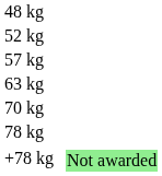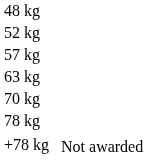 <table>
 <tr>
 <td rowspan=2>48 kg</td>
 <td rowspan=2></td>
 <td rowspan=2></td>
 <td></td>
 </tr>
 <tr>
 <td></td>
 </tr>
 <tr>
 <td rowspan=2>52 kg</td>
 <td rowspan=2></td>
 <td rowspan=2></td>
 <td></td>
 </tr>
 <tr>
 <td></td>
 </tr>
 <tr>
 <td rowspan=2>57 kg</td>
 <td rowspan=2></td>
 <td rowspan=2></td>
 <td></td>
 </tr>
 <tr>
 <td></td>
 </tr>
 <tr>
 <td rowspan=2>63 kg</td>
 <td rowspan=2></td>
 <td rowspan=2></td>
 <td></td>
 </tr>
 <tr>
 <td></td>
 </tr>
 <tr>
 <td rowspan=2>70 kg</td>
 <td rowspan=2></td>
 <td rowspan=2></td>
 <td></td>
 </tr>
 <tr>
 <td></td>
 </tr>
 <tr>
 <td rowspan=2>78 kg</td>
 <td rowspan=2></td>
 <td rowspan=2></td>
 <td></td>
 </tr>
 <tr>
 <td></td>
 </tr>
 <tr>
 <td rowspan=2>+78 kg</td>
 <td rowspan=2></td>
 <td rowspan=2></td>
 <td></td>
 </tr>
 <tr>
-<td style="background: lightgreen;">Not awarded</td>
+<td>Not awarded</td>
 </tr>
 </table>
